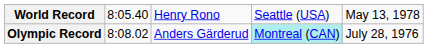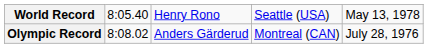 <table class="wikitable" style="font-size:95%;">
 <tr>
 <th>World Record</th>
 <td>8:05.40</td>
 <td> <a href='#'>Henry Rono</a></td>
 <td><a href='#'>Seattle</a> (<a href='#'>USA</a>)</td>
 <td>May 13, 1978</td>
 </tr>
 <tr>
 <th>Olympic Record</th>
 <td>8:08.02</td>
 <td> <a href='#'>Anders Gärderud</a></td>
-<td style="background: paleturquoise;"><a href='#'>Montreal</a> (<a href='#'>CAN</a>)</td>
+<td><a href='#'>Montreal</a> (<a href='#'>CAN</a>)</td>
 <td>July 28, 1976</td>
 </tr>
 </table>
